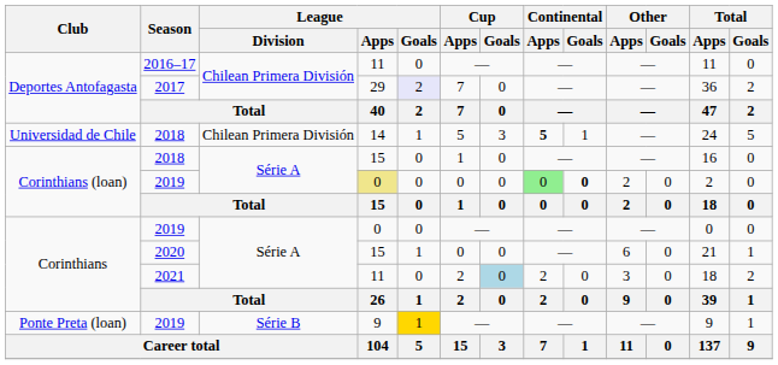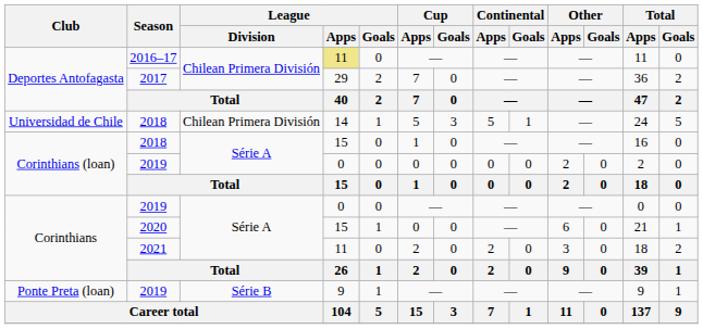 <table class="wikitable" style="text-align: center;">
 <tr>
 <th rowspan="2">Club</th>
 <th rowspan="2">Season</th>
 <th colspan="3">League</th>
 <th colspan="2">Cup</th>
 <th colspan="2">Continental</th>
 <th colspan="2">Other</th>
 <th colspan="2">Total</th>
 </tr>
 <tr>
 <th>Division</th>
 <th>Apps</th>
 <th>Goals</th>
 <th>Apps</th>
 <th>Goals</th>
 <th>Apps</th>
 <th>Goals</th>
 <th>Apps</th>
 <th>Goals</th>
 <th>Apps</th>
 <th>Goals</th>
 </tr>
 <tr>
 <td rowspan="3" valign="center"><a href='#'>Deportes Antofagasta</a></td>
 <td><a href='#'>2016–17</a></td>
 <td rowspan="2" valign="center"><a href='#'>Chilean Primera División</a></td>
-<td>11</td>
+<td style="background: khaki;">11</td>
 <td>0</td>
 <td colspan="2">—</td>
 <td colspan="2">—</td>
 <td colspan="2">—</td>
 <td>11</td>
 <td>0</td>
 </tr>
 <tr>
 <td><a href='#'>2017</a></td>
 <td>29</td>
-<td style="background: lavender;">2</td>
+<td>2</td>
 <td>7</td>
 <td>0</td>
 <td colspan="2">—</td>
 <td colspan="2">—</td>
 <td>36</td>
 <td>2</td>
 </tr>
 <tr>
 <th colspan="2">Total</th>
 <th>40</th>
 <th>2</th>
 <th>7</th>
 <th>0</th>
 <th colspan="2">—</th>
 <th colspan="2">—</th>
 <th>47</th>
 <th>2</th>
 </tr>
 <tr>
 <td rowspan="1" valign="center"><a href='#'>Universidad de Chile</a></td>
 <td><a href='#'>2018</a></td>
 <td rowspan="1" valign="center">Chilean Primera División</td>
 <td>14</td>
 <td>1</td>
 <td>5</td>
 <td>3</td>
-<td><strong>5</strong></td>
+<td>5</td>
 <td>1</td>
 <td colspan="2">—</td>
 <td>24</td>
 <td>5</td>
 </tr>
 <tr>
 <td rowspan="3" valign="center"><a href='#'>Corinthians</a> (loan)</td>
 <td><a href='#'>2018</a></td>
 <td rowspan="2" valign="center"><a href='#'>Série A</a></td>
 <td>15</td>
 <td>0</td>
 <td>1</td>
 <td>0</td>
 <td colspan="2">—</td>
 <td colspan="2">—</td>
 <td>16</td>
 <td>0</td>
 </tr>
 <tr>
 <td><a href='#'>2019</a></td>
-<td style="background: khaki;">0</td>
 <td>0</td>
 <td>0</td>
 <td>0</td>
-<td style="background: lightgreen;">0</td>
-<td><strong>0</strong></td>
+<td>0</td>
+<td>0</td>
+<td>0</td>
 <td>2</td>
 <td>0</td>
 <td>2</td>
 <td>0</td>
 </tr>
 <tr>
 <th colspan="2">Total</th>
 <th>15</th>
 <th>0</th>
 <th>1</th>
 <th>0</th>
 <th>0</th>
 <th>0</th>
 <th>2</th>
 <th>0</th>
 <th>18</th>
 <th>0</th>
 </tr>
 <tr>
 <td rowspan="4" valign="center">Corinthians</td>
 <td><a href='#'>2019</a></td>
 <td rowspan="3" valign="center">Série A</td>
 <td>0</td>
 <td>0</td>
 <td colspan="2">—</td>
 <td colspan="2">—</td>
 <td colspan="2">—</td>
 <td>0</td>
 <td>0</td>
 </tr>
 <tr>
 <td><a href='#'>2020</a></td>
 <td>15</td>
 <td>1</td>
 <td>0</td>
 <td>0</td>
 <td colspan="2">—</td>
 <td>6</td>
 <td>0</td>
 <td>21</td>
 <td>1</td>
 </tr>
 <tr>
 <td><a href='#'>2021</a></td>
 <td>11</td>
 <td>0</td>
 <td>2</td>
-<td style="background: lightblue;">0</td>
+<td>0</td>
 <td>2</td>
 <td>0</td>
 <td>3</td>
 <td>0</td>
 <td>18</td>
 <td>2</td>
 </tr>
 <tr>
 <th colspan="2">Total</th>
 <th>26</th>
 <th>1</th>
 <th>2</th>
 <th>0</th>
 <th>2</th>
 <th>0</th>
 <th>9</th>
 <th>0</th>
 <th>39</th>
 <th>1</th>
 </tr>
 <tr>
 <td rowspan="1" valign="center"><a href='#'>Ponte Preta</a> (loan)</td>
 <td><a href='#'>2019</a></td>
 <td rowspan="1" valign="center"><a href='#'>Série B</a></td>
 <td>9</td>
-<td style="background: gold;">1</td>
+<td>1</td>
 <td colspan="2">—</td>
 <td colspan="2">—</td>
 <td colspan="2">—</td>
 <td>9</td>
 <td>1</td>
 </tr>
 <tr>
 <th colspan="3">Career total</th>
 <th>104</th>
 <th>5</th>
 <th>15</th>
 <th>3</th>
 <th>7</th>
 <th>1</th>
 <th>11</th>
 <th>0</th>
 <th>137</th>
 <th>9</th>
 </tr>
 <tr>
 </tr>
 </table>
